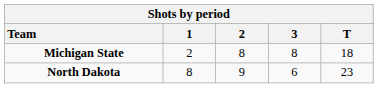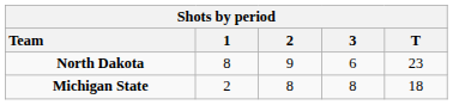 <table class="wikitable" style="width:30em; text-align:right;">
 <tr>
 <th colspan=5>Shots by period</th>
 </tr>
 <tr>
 <th style="width:10em; text-align:left;">Team</th>
 <th style="width:3em;">1</th>
 <th style="width:3em;">2</th>
 <th style="width:3em;">3</th>
 <th style="width:3em;">T</th>
 </tr>
 <tr>
+<td align=center><strong>North Dakota</strong></td>
+<td align=center>8</td>
+<td align=center>9</td>
+<td align=center>6</td>
+<td align=center>23</td>
+</tr>
+<tr>
 <td align=center><strong>Michigan State</strong></td>
 <td align=center>2</td>
 <td align=center>8</td>
 <td align=center>8</td>
 <td align=center>18</td>
 </tr>
-<tr>
-<td align=center><strong>North Dakota</strong></td>
-<td align=center>8</td>
-<td align=center>9</td>
-<td align=center>6</td>
-<td align=center>23</td>
-</tr>
 </table>
